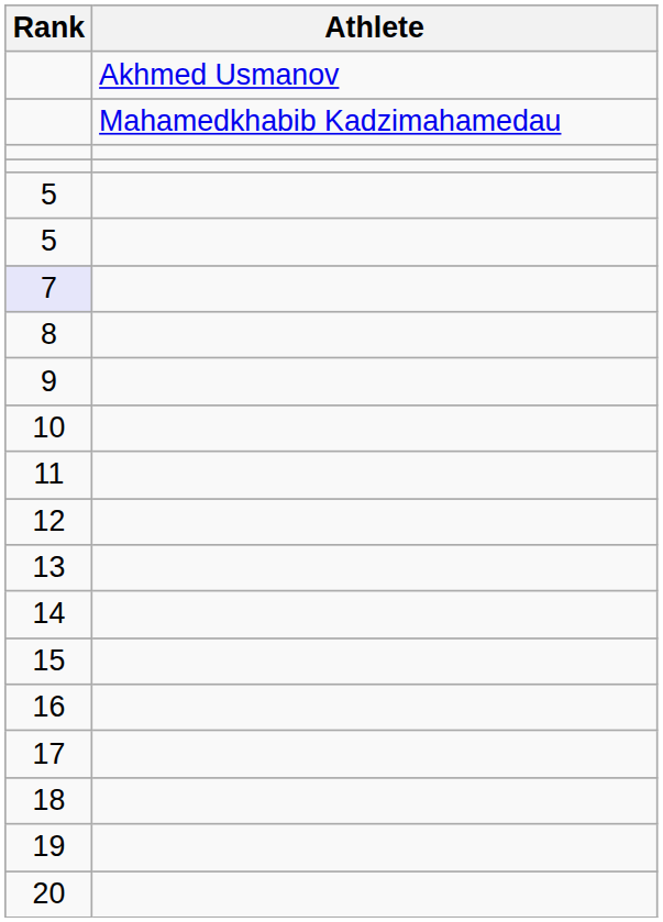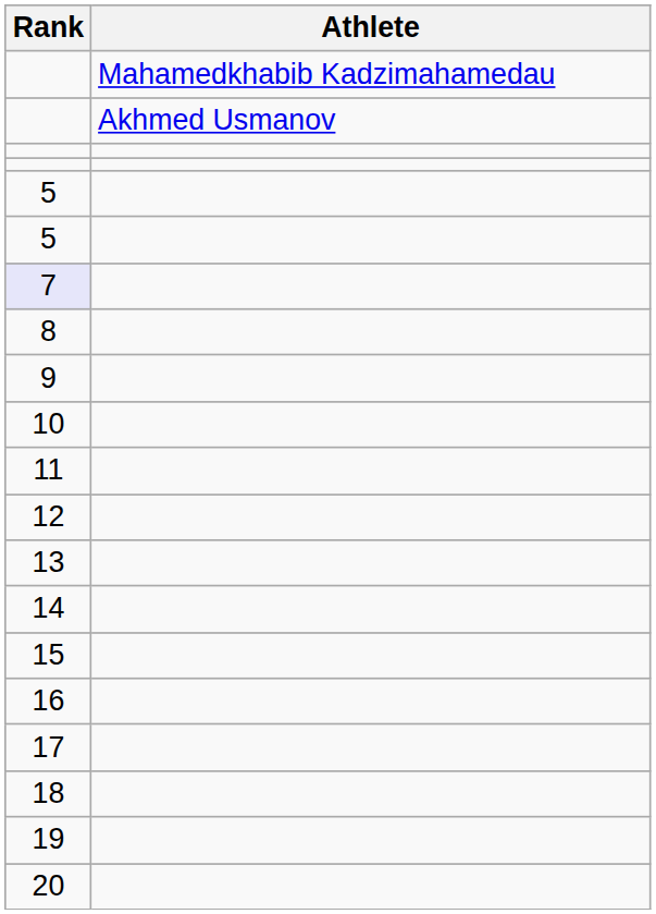 <table class="wikitable" style="text-align: center;">
 <tr>
 <th width=40>Rank</th>
 <th width=300>Athlete</th>
 </tr>
 <tr>
 <td></td>
-<td align="left"> <a href='#'>Akhmed Usmanov</a> </td>
+<td align="left"> <a href='#'>Mahamedkhabib Kadzimahamedau</a> </td>
 </tr>
 <tr>
 <td></td>
-<td align="left"> <a href='#'>Mahamedkhabib Kadzimahamedau</a> </td>
+<td align="left"> <a href='#'>Akhmed Usmanov</a> </td>
 </tr>
 <tr>
 <td></td>
 <td align="left"></td>
 </tr>
 <tr>
 <td></td>
 <td align="left"></td>
 </tr>
 <tr>
 <td>5</td>
 <td align="left"></td>
 </tr>
 <tr>
 <td>5</td>
 <td align="left"></td>
 </tr>
 <tr>
 <td style="background: lavender;">7</td>
 <td align="left"></td>
 </tr>
 <tr>
 <td>8</td>
 <td align="left"></td>
 </tr>
 <tr>
 <td>9</td>
 <td align="left"></td>
 </tr>
 <tr>
 <td>10</td>
 <td align="left"></td>
 </tr>
 <tr>
 <td>11</td>
 <td align="left"></td>
 </tr>
 <tr>
 <td>12</td>
 <td align="left"></td>
 </tr>
 <tr>
 <td>13</td>
 <td align="left"></td>
 </tr>
 <tr>
 <td>14</td>
 <td align="left"></td>
 </tr>
 <tr>
 <td>15</td>
 <td align="left"></td>
 </tr>
 <tr>
 <td>16</td>
 <td align="left"></td>
 </tr>
 <tr>
 <td>17</td>
 <td align="left"></td>
 </tr>
 <tr>
 <td>18</td>
 <td align="left"></td>
 </tr>
 <tr>
 <td>19</td>
 <td align="left"></td>
 </tr>
 <tr>
 <td>20</td>
 <td align="left"></td>
 </tr>
 </table>
